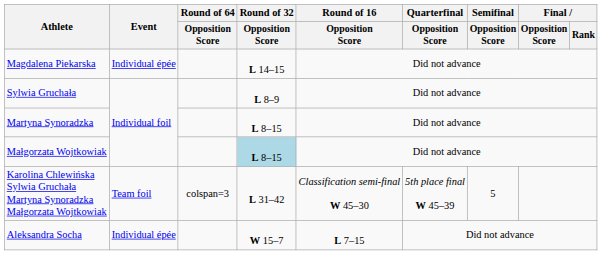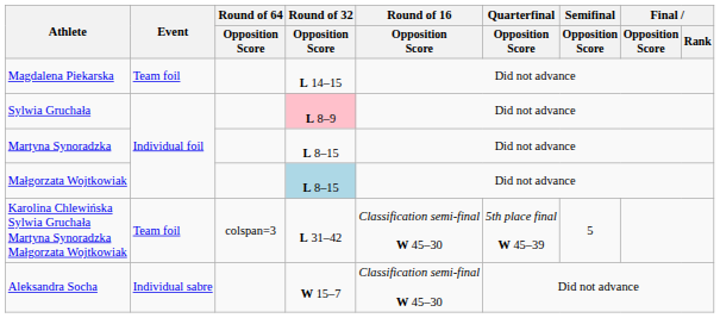 <table class="wikitable" style="font-size:90%">
 <tr>
 <th rowspan="2">Athlete</th>
 <th rowspan="2">Event</th>
 <th>Round of 64</th>
 <th>Round of 32</th>
 <th>Round of 16</th>
 <th>Quarterfinal</th>
 <th>Semifinal</th>
 <th colspan=2>Final / </th>
 </tr>
 <tr style="font-size:95%">
 <th>Opposition <br> Score</th>
 <th>Opposition <br> Score</th>
 <th>Opposition <br> Score</th>
 <th>Opposition <br> Score</th>
 <th>Opposition <br> Score</th>
 <th>Opposition <br> Score</th>
 <th>Rank</th>
 </tr>
 <tr align=center>
 <td align=left><a href='#'>Magdalena Piekarska</a></td>
-<td align=left><a href='#'>Individual épée</a></td>
+<td align=left><a href='#'>Team foil</a></td>
 <td></td>
 <td><br><strong>L</strong> 14–15</td>
 <td colspan=5>Did not advance</td>
 </tr>
 <tr align=center>
 <td align=left><a href='#'>Sylwia Gruchała</a></td>
 <td align=left rowspan=3><a href='#'>Individual foil</a></td>
 <td></td>
-<td><br><strong>L</strong> 8–9</td>
+<td style="background: pink;"><br><strong>L</strong> 8–9</td>
 <td colspan=5>Did not advance</td>
 </tr>
 <tr align=center>
 <td align=left><a href='#'>Martyna Synoradzka</a></td>
 <td></td>
 <td><br><strong>L</strong> 8–15</td>
 <td colspan=5>Did not advance</td>
 </tr>
 <tr align=center>
 <td align=left><a href='#'>Małgorzata Wojtkowiak</a></td>
 <td></td>
 <td style="background: lightblue;"><br><strong>L</strong> 8–15</td>
 <td colspan=5>Did not advance</td>
 </tr>
 <tr align=center>
 <td align=left><a href='#'>Karolina Chlewińska</a><br><a href='#'>Sylwia Gruchała</a><br><a href='#'>Martyna Synoradzka</a><br><a href='#'>Małgorzata Wojtkowiak</a></td>
 <td align=left><a href='#'>Team foil</a></td>
 <td>colspan=3 </td>
 <td><br><strong>L</strong> 31–42</td>
 <td><em>Classification semi-final</em> <br><br><strong>W</strong> 45–30</td>
 <td><em>5th place final</em> <br><br><strong>W</strong> 45–39</td>
 <td>5</td>
 </tr>
 <tr align=center>
 <td align=left><a href='#'>Aleksandra Socha</a></td>
-<td align=left><a href='#'>Individual épée</a></td>
+<td align=left><a href='#'>Individual sabre</a></td>
 <td></td>
 <td><br><strong>W</strong> 15–7</td>
-<td><br> <strong>L</strong> 7–15</td>
+<td><em>Classification semi-final</em> <br><br><strong>W</strong> 45–30</td>
 <td colspan=4>Did not advance</td>
 </tr>
 </table>
